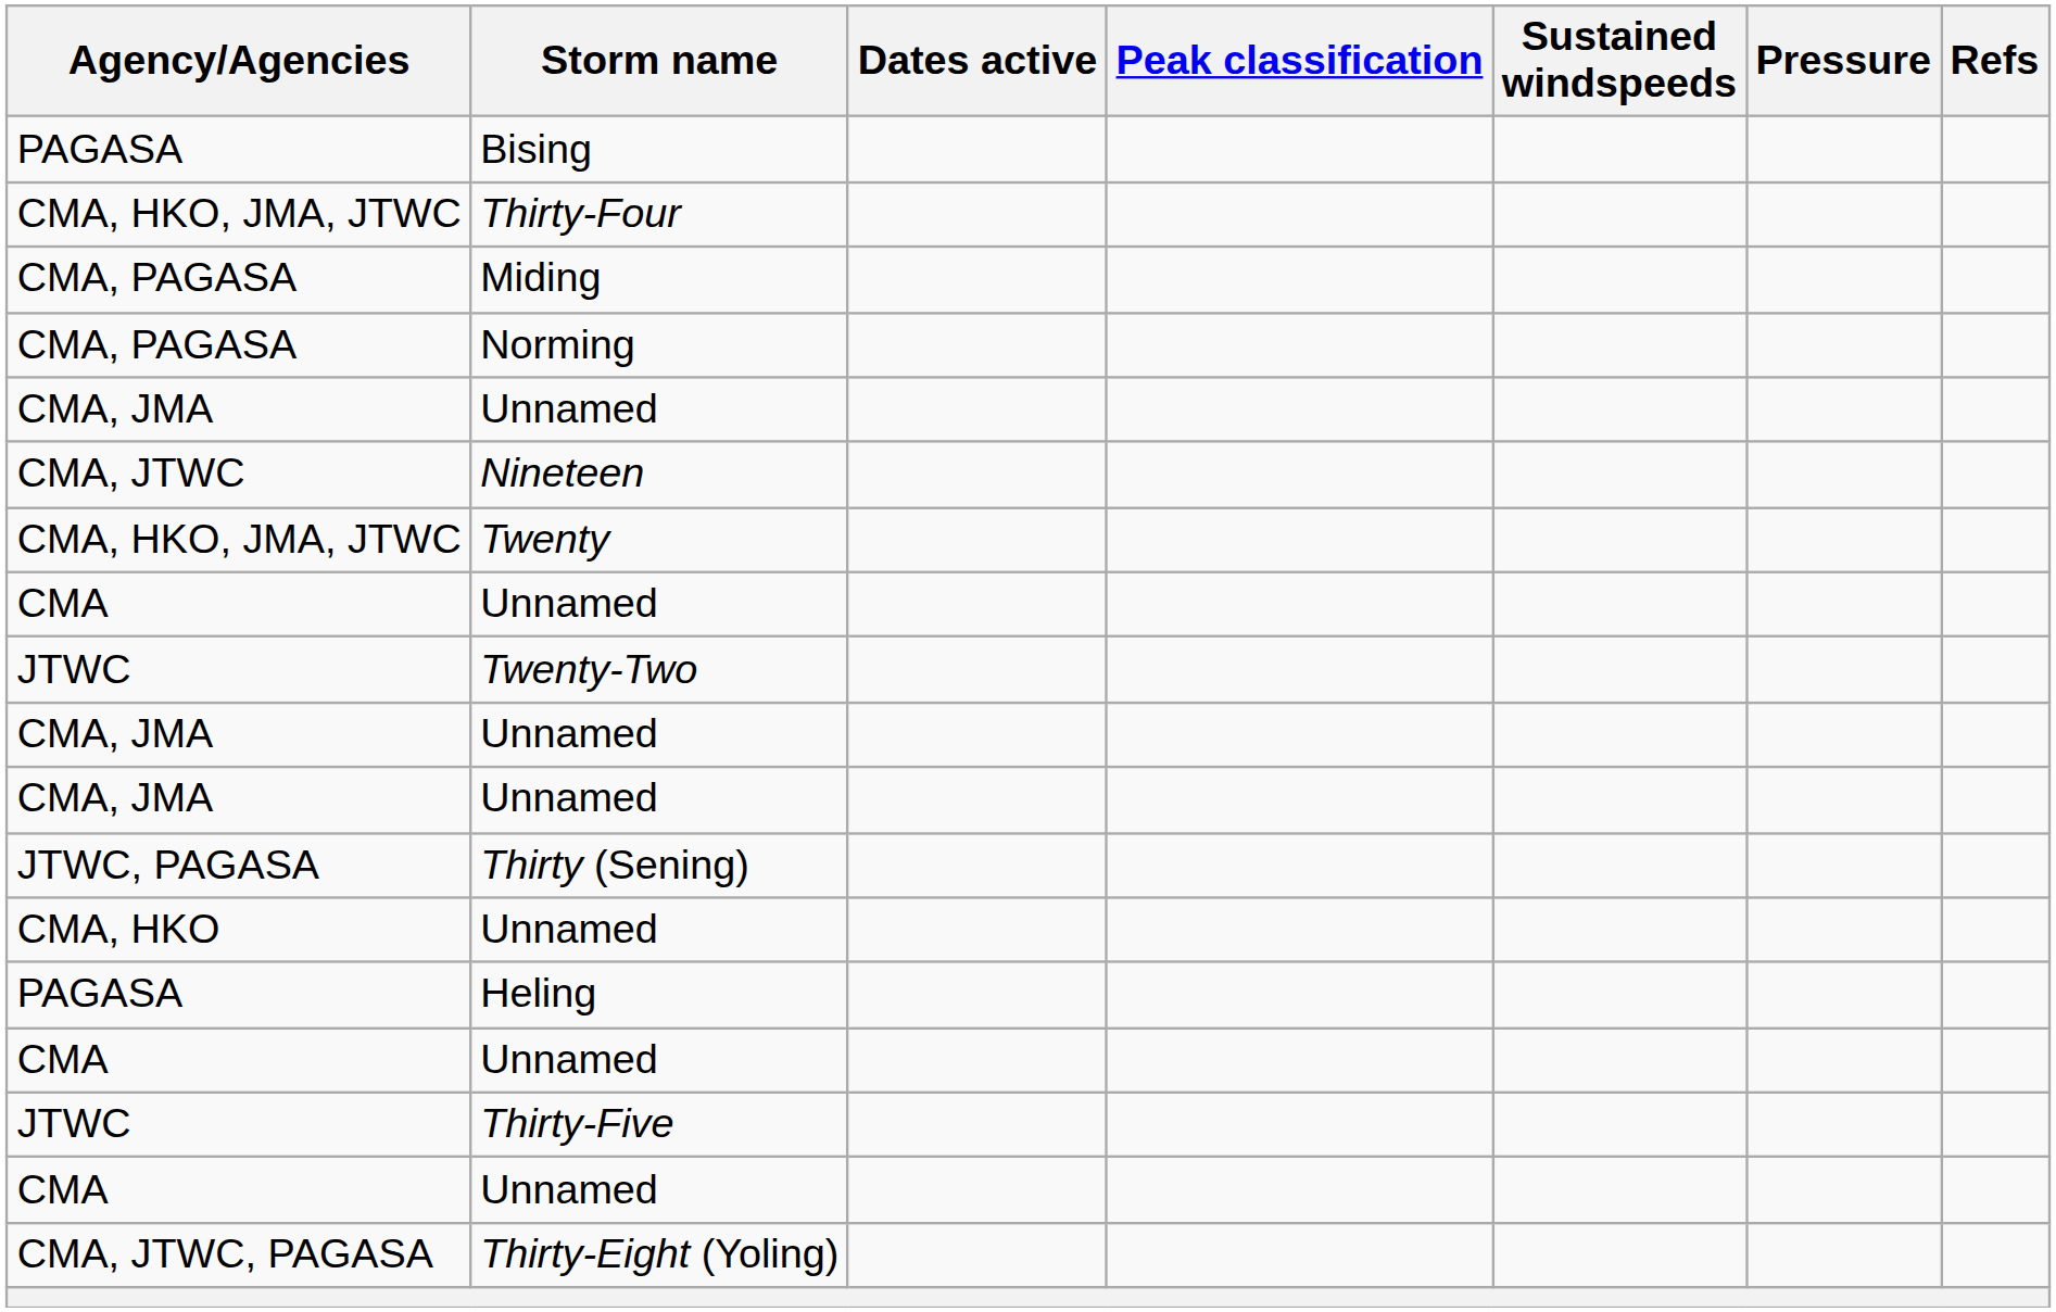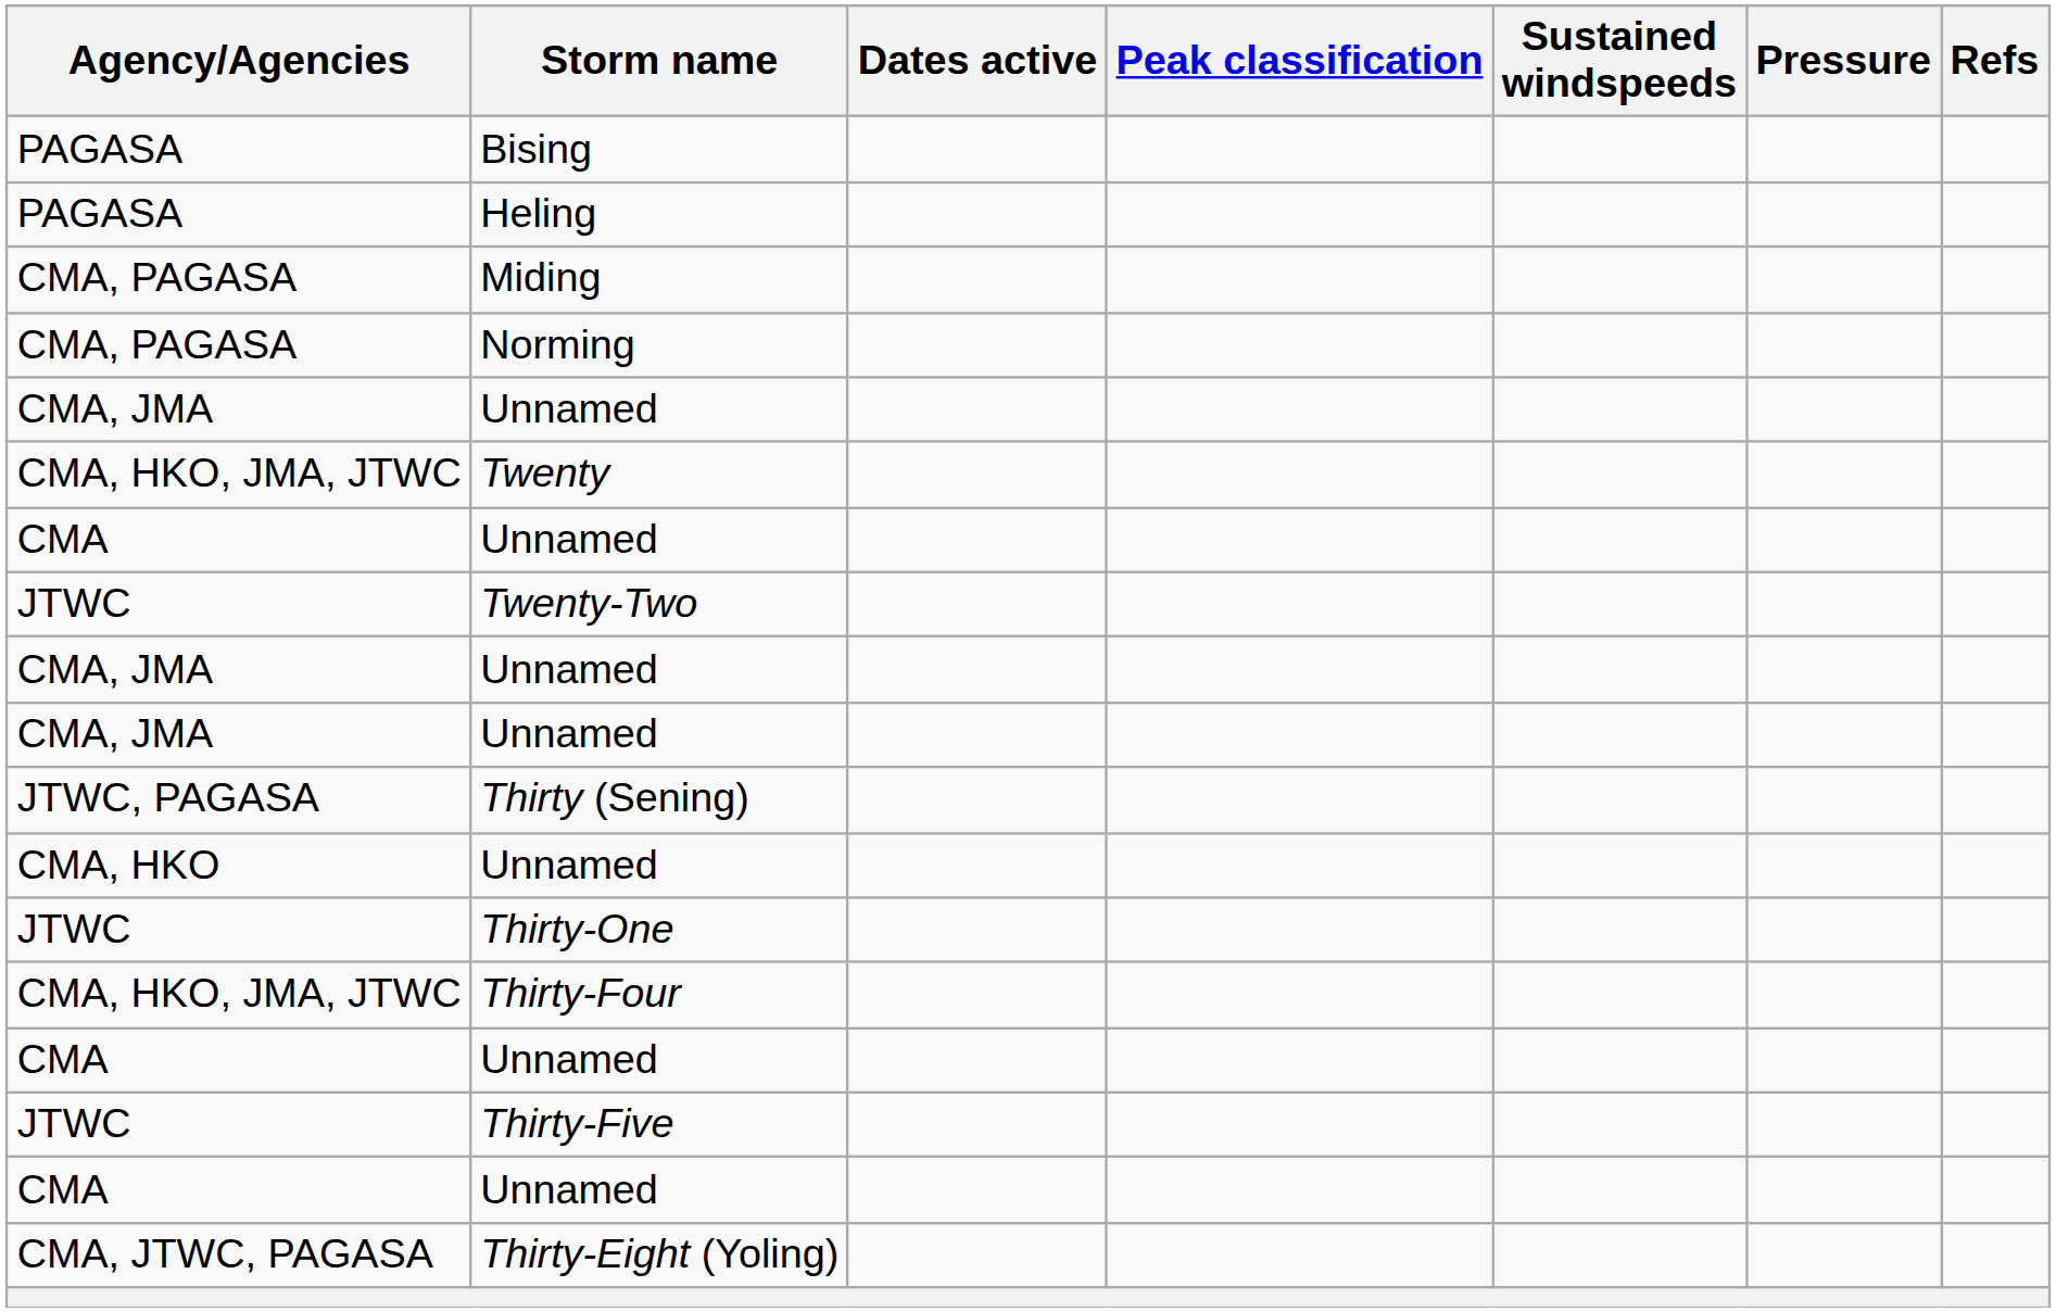 <table class="wikitable sortable plainrowheaders" style="margin:auto">
 <tr>
 <th scope="col">Agency/Agencies</th>
 <th scope="col">Storm name</th>
 <th scope="col">Dates active</th>
 <th scope="col"><a href='#'>Peak classification</a></th>
 <th scope="col">Sustained<br>windspeeds</th>
 <th scope="col">Pressure</th>
 <th scope="col" class="unsortable">Refs</th>
 </tr>
 <tr>
 <td>PAGASA</td>
 <td>Bising</td>
 <td></td>
 <td></td>
 <td></td>
 <td></td>
 <td></td>
 </tr>
 <tr>
-<td>CMA, HKO, JMA, JTWC</td>
-<td><em>Thirty-Four</em></td>
+<td>PAGASA</td>
+<td>Heling</td>
 <td></td>
 <td></td>
 <td></td>
 <td></td>
 <td></td>
 </tr>
 <tr>
 <td>CMA, PAGASA</td>
 <td>Miding</td>
 <td></td>
 <td></td>
 <td></td>
 <td></td>
 <td></td>
 </tr>
 <tr>
 <td>CMA, PAGASA</td>
 <td>Norming</td>
 <td></td>
 <td></td>
 <td></td>
 <td></td>
 <td></td>
 </tr>
 <tr>
 <td>CMA, JMA</td>
 <td>Unnamed</td>
-<td></td>
-<td></td>
-<td></td>
-<td></td>
-<td></td>
-</tr>
-<tr>
-<td>CMA, JTWC</td>
-<td><em>Nineteen</em></td>
 <td></td>
 <td></td>
 <td></td>
 <td></td>
 <td></td>
 </tr>
 <tr>
 <td>CMA, HKO, JMA, JTWC</td>
 <td><em>Twenty</em></td>
 <td></td>
 <td></td>
 <td></td>
 <td></td>
 <td></td>
 </tr>
 <tr>
 <td>CMA</td>
 <td>Unnamed</td>
 <td></td>
 <td></td>
 <td></td>
 <td></td>
 <td></td>
 </tr>
 <tr>
 <td>JTWC</td>
 <td><em>Twenty-Two</em></td>
 <td></td>
 <td></td>
 <td></td>
 <td></td>
 <td></td>
 </tr>
 <tr>
 <td>CMA, JMA</td>
 <td>Unnamed</td>
 <td></td>
 <td></td>
 <td></td>
 <td></td>
 <td></td>
 </tr>
 <tr>
 <td>CMA, JMA</td>
 <td>Unnamed</td>
 <td></td>
 <td></td>
 <td></td>
 <td></td>
 <td></td>
 </tr>
 <tr>
 <td>JTWC, PAGASA</td>
 <td><em>Thirty</em> (Sening)</td>
 <td></td>
 <td></td>
 <td></td>
 <td></td>
 <td></td>
 </tr>
 <tr>
 <td>CMA, HKO</td>
 <td>Unnamed</td>
 <td></td>
 <td></td>
 <td></td>
 <td></td>
 <td></td>
 </tr>
 <tr>
-<td>PAGASA</td>
-<td>Heling</td>
+<td>JTWC</td>
+<td><em>Thirty-One</em></td>
+<td></td>
+<td></td>
+<td></td>
+<td></td>
+<td></td>
+</tr>
+<tr>
+<td>CMA, HKO, JMA, JTWC</td>
+<td><em>Thirty-Four</em></td>
 <td></td>
 <td></td>
 <td></td>
 <td></td>
 <td></td>
 </tr>
 <tr>
 <td>CMA</td>
 <td>Unnamed</td>
 <td></td>
 <td></td>
 <td></td>
 <td></td>
 <td></td>
 </tr>
 <tr>
 <td>JTWC</td>
 <td><em>Thirty-Five</em></td>
 <td></td>
 <td></td>
 <td></td>
 <td></td>
 <td></td>
 </tr>
 <tr>
 <td>CMA</td>
 <td>Unnamed</td>
 <td></td>
 <td></td>
 <td></td>
 <td></td>
 <td></td>
 </tr>
 <tr>
 <td>CMA, JTWC, PAGASA</td>
 <td><em>Thirty-Eight</em> (Yoling)</td>
 <td></td>
 <td></td>
 <td></td>
 <td></td>
 <td></td>
 </tr>
 <tr class="sortbottom">
 <th colspan="7"></th>
 </tr>
 </table>
